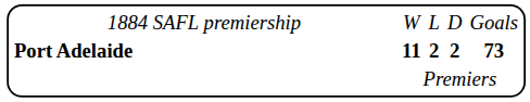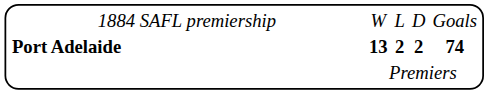 <table style="margin-right:4px; margin-top:8px; float:right; border:1px #000 solid; border-radius:8px; background:#fff; font-family:Verdana; font-size:8pt; text-align:center;">
 <tr>
 <td width=200><em>1884 SAFL premiership</em></td>
 <td><em>W</em></td>
 <td><em>L</em></td>
 <td><em>D</em></td>
 <td><em>Goals</em></td>
 </tr>
 <tr>
 <td style="text-align:left"><strong>Port Adelaide</strong></td>
-<td><strong>11</strong></td>
+<td><strong>13</strong></td>
 <td><strong>2</strong></td>
 <td><strong>2</strong></td>
-<td><strong>73</strong></td>
+<td><strong>74</strong></td>
 </tr>
 <tr>
 <td></td>
 <td colspan=9><em>Premiers</em></td>
 </tr>
 </table>
